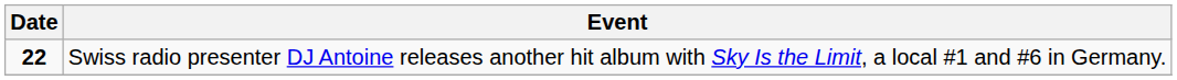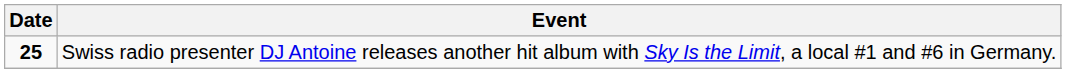 <table class="wikitable">
 <tr>
 <th>Date</th>
 <th>Event</th>
 </tr>
 <tr>
-<td style="text-align:center;"><strong>22</strong></td>
+<td style="text-align:center;"><strong>25</strong></td>
 <td>Swiss radio presenter <a href='#'>DJ Antoine</a> releases another hit album with <em><a href='#'>Sky Is the Limit</a></em>, a local #1 and #6 in Germany.</td>
 </tr>
 <tr>
 </tr>
 </table>
